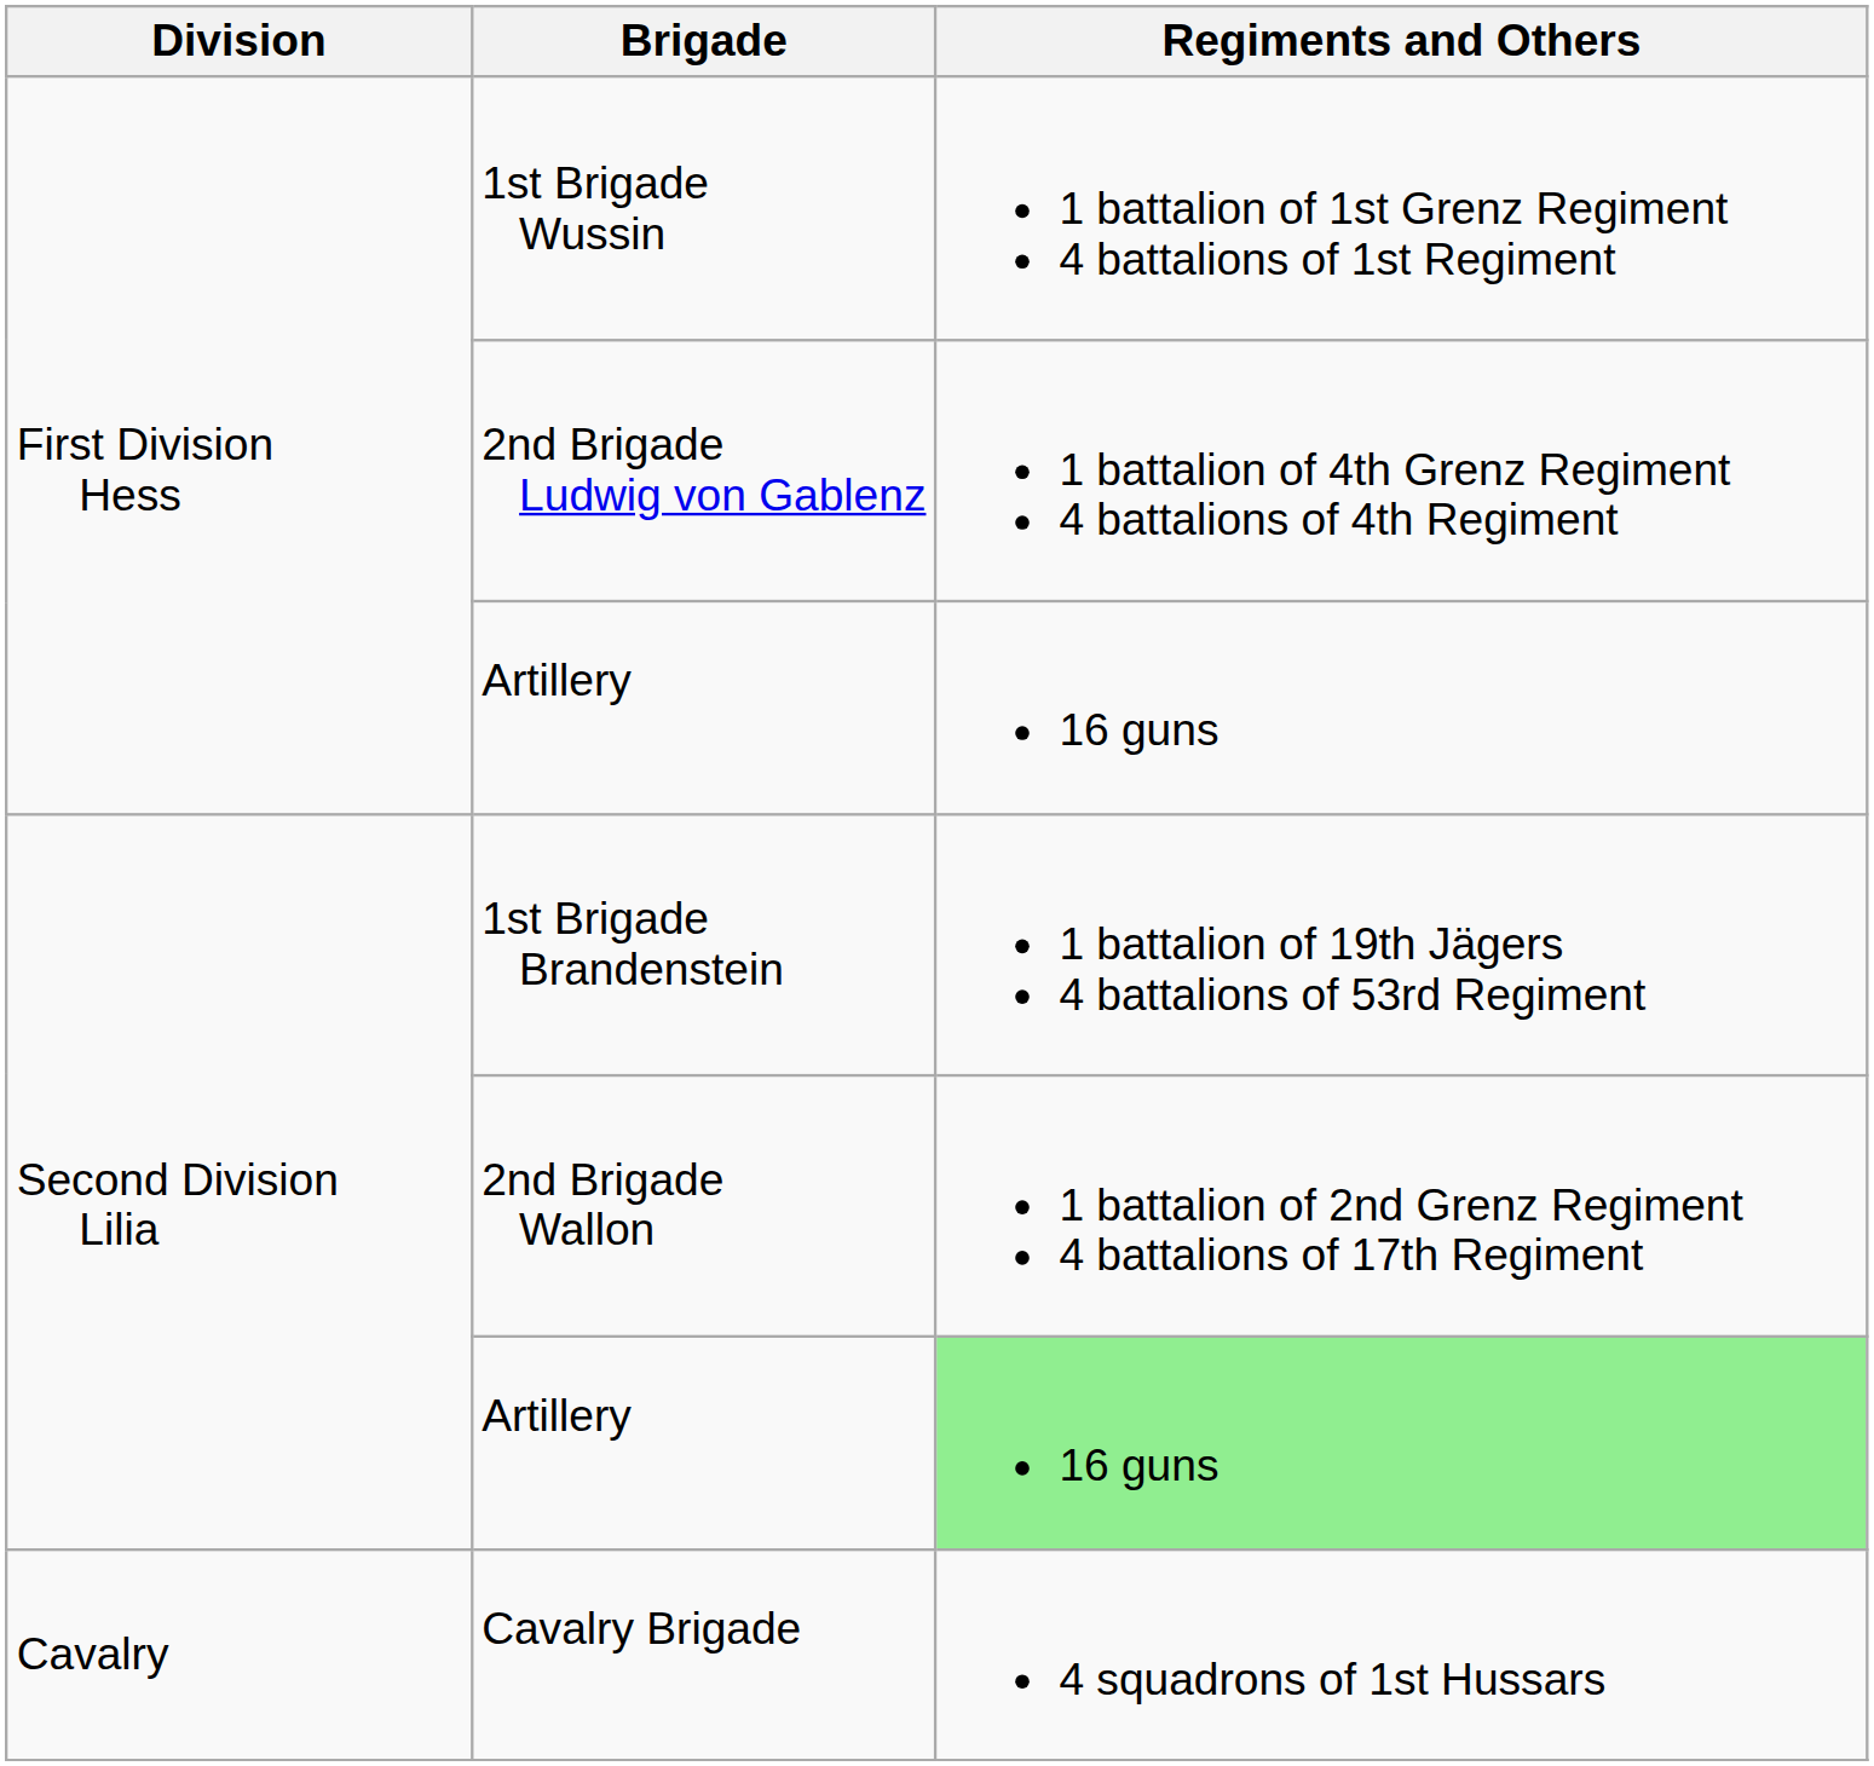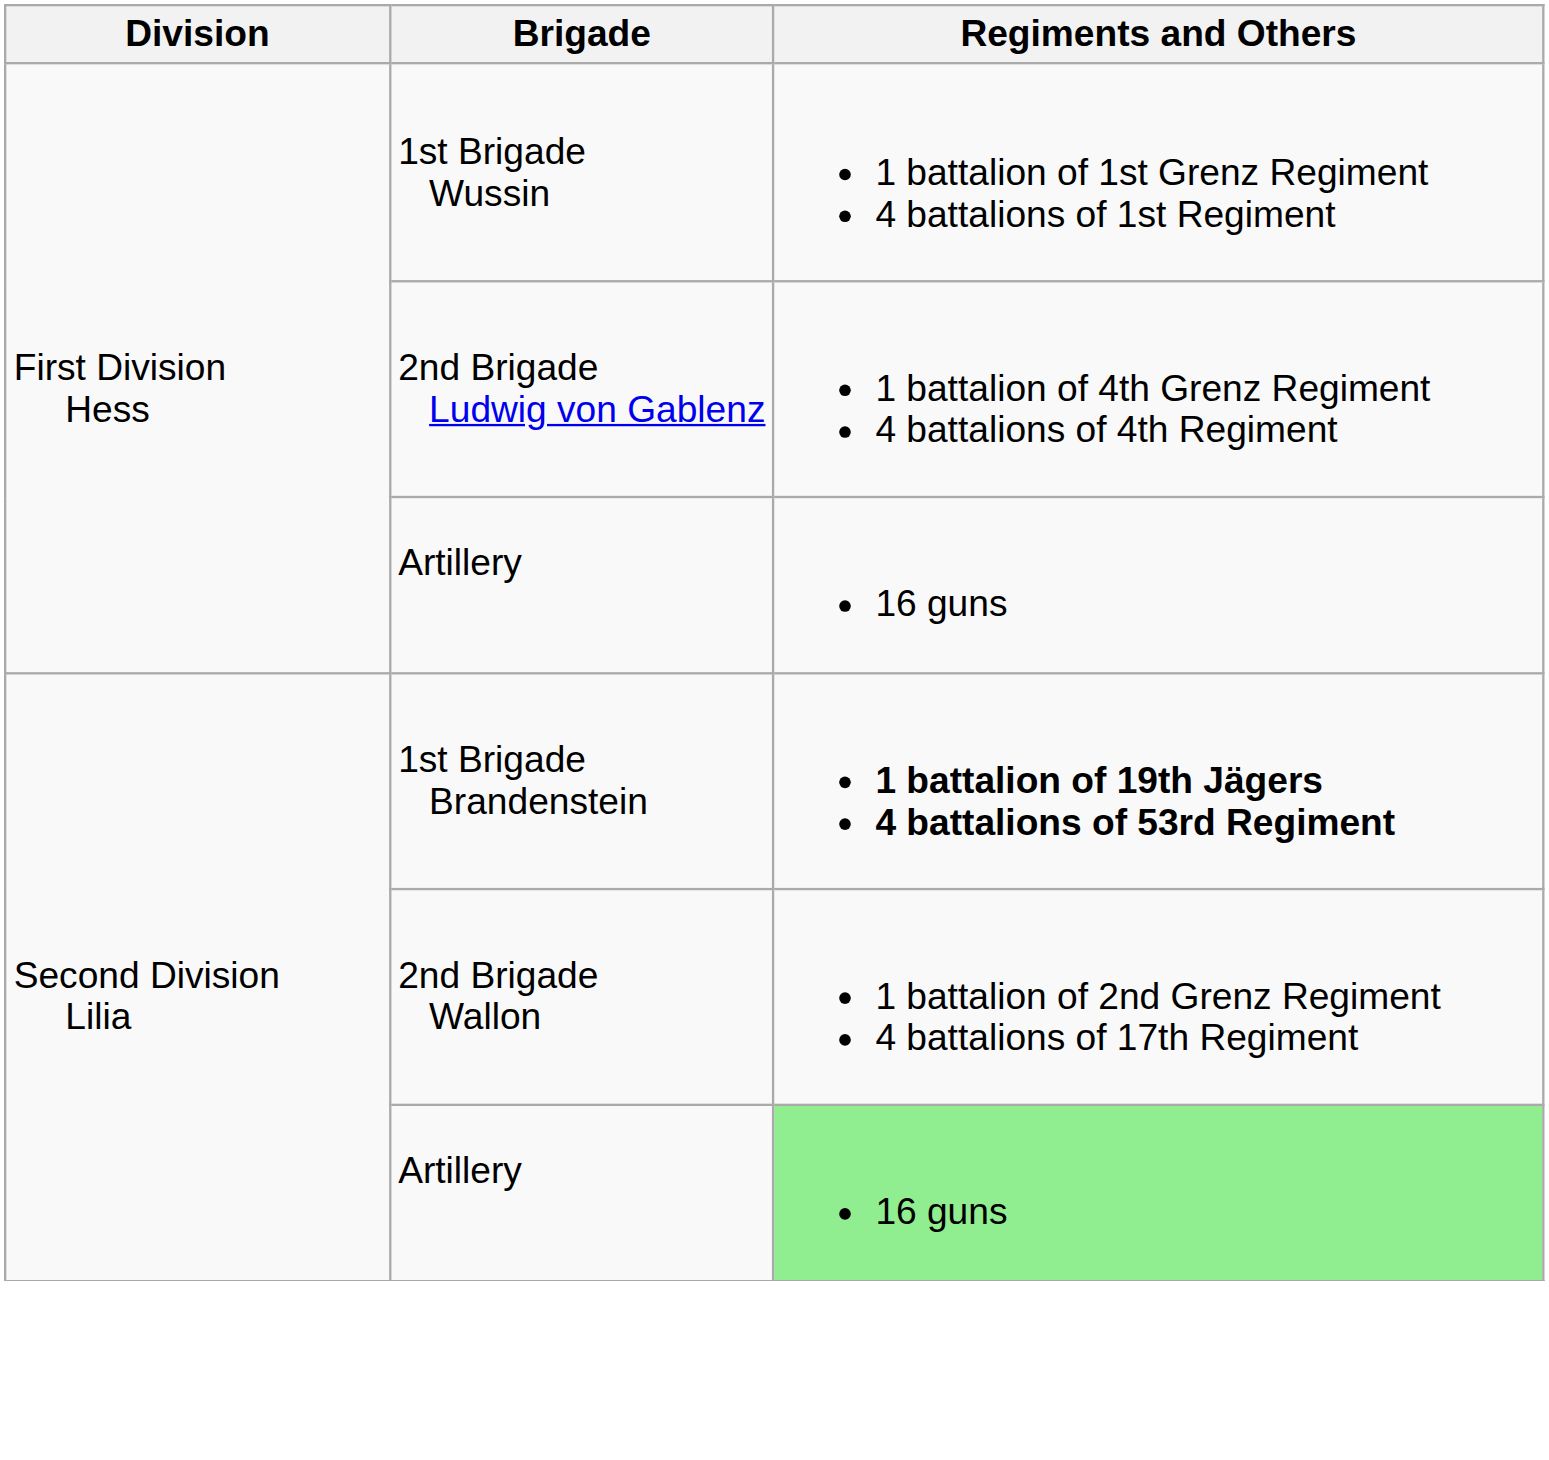 <table class="wikitable">
 <tr>
 <th width=25%>Division</th>
 <th width=25%>Brigade</th>
 <th>Regiments and Others</th>
 </tr>
 <tr>
 <td rowspan=3><br>First Division <br>     Hess</td>
 <td>1st Brigade<br>   Wussin</td>
 <td><br><ul><li>1 battalion of 1st Grenz Regiment</li><li>4 battalions of 1st Regiment</li></ul></td>
 </tr>
 <tr>
 <td>2nd Brigade<br>   <a href='#'>Ludwig von Gablenz</a></td>
 <td><br><ul><li>1 battalion of 4th Grenz Regiment</li><li>4 battalions of  4th Regiment</li></ul></td>
 </tr>
 <tr>
 <td>Artillery<br>  </td>
 <td><br><ul><li>16 guns</li></ul></td>
 </tr>
 <tr>
 <td rowspan=3><br>Second Division <br>     Lilia</td>
 <td>1st Brigade<br>   Brandenstein</td>
-<td><br><ul><li>1 battalion of 19th Jägers</li><li>4 battalions of 53rd Regiment</li></ul></td>
+<td><strong><br><ul><li>1 battalion of 19th Jägers</li><li>4 battalions of 53rd Regiment</li></ul></strong></td>
 </tr>
 <tr>
 <td>2nd Brigade<br>   Wallon</td>
 <td><br><ul><li>1 battalion of 2nd Grenz Regiment</li><li>4 battalions of 17th Regiment</li></ul></td>
 </tr>
 <tr>
 <td>Artillery<br>  </td>
 <td style="background: lightgreen;"><br><ul><li>16 guns</li></ul></td>
 </tr>
 <tr>
-<td rowspan=1><br>Cavalry <br>    </td>
-<td>Cavalry Brigade<br>  </td>
-<td><br><ul><li>4 squadrons of 1st Hussars</li></ul></td>
-</tr>
-<tr>
 </tr>
 </table>
